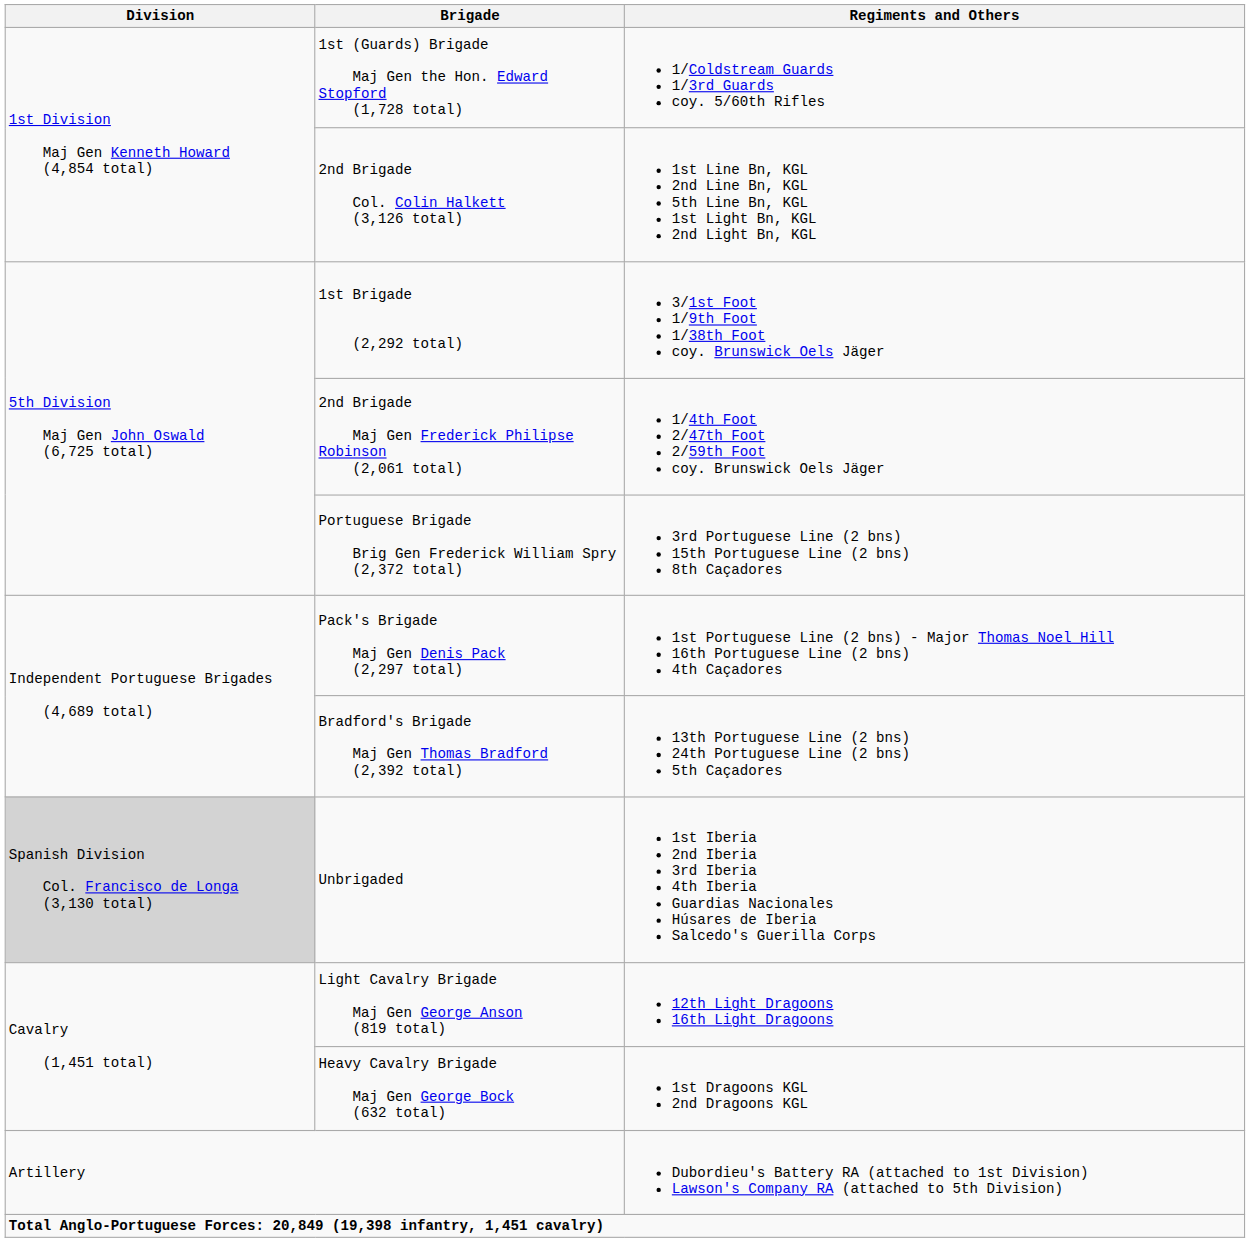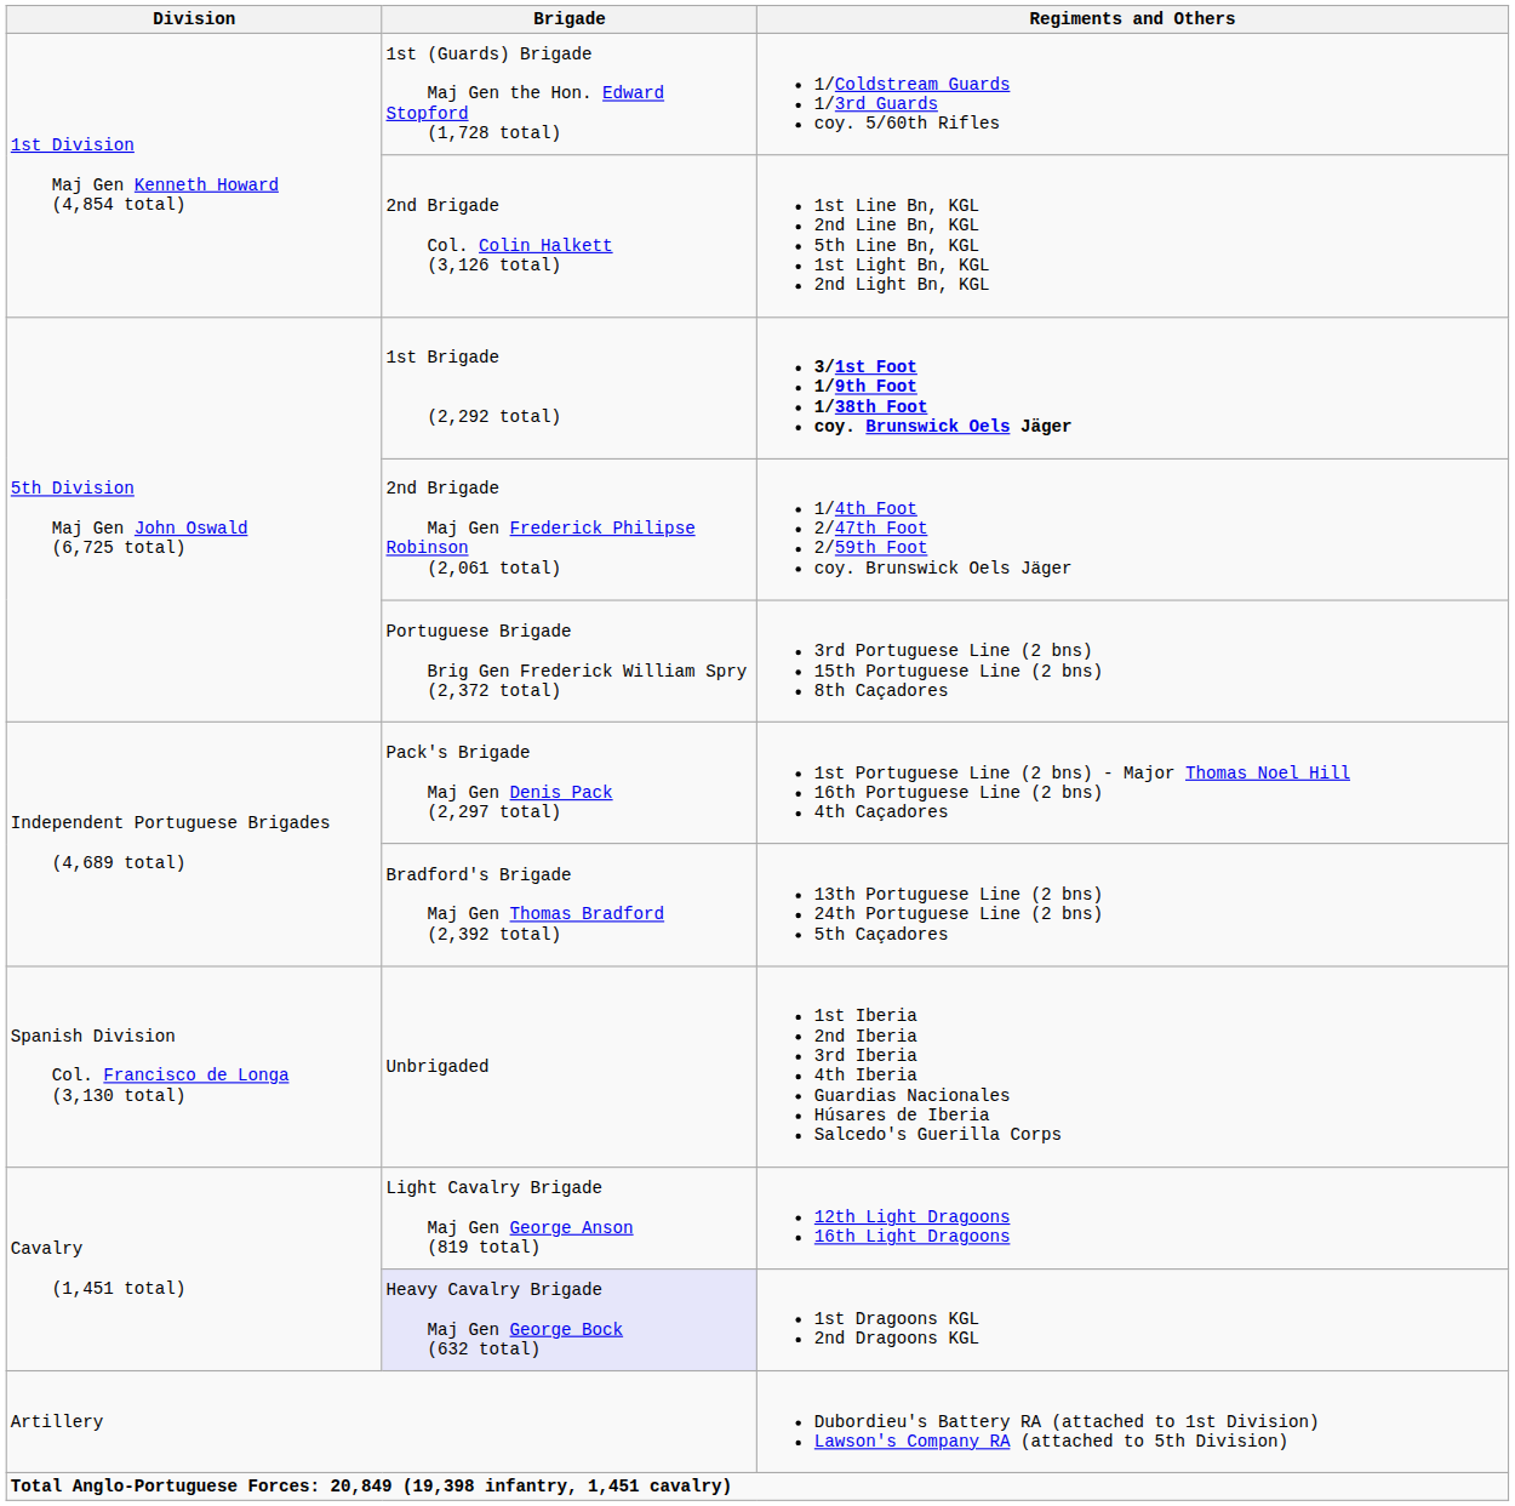 <table class="wikitable" width="90%" style="margin: 1em auto 1em auto">
 <tr>
 <th style="width:25%;">Division</th>
 <th style="width:25%;">Brigade</th>
 <th>Regiments and Others</th>
 </tr>
 <tr>
 <td rowspan=2><a href='#'>1st Division</a><br><br>    Maj Gen <a href='#'>Kenneth Howard</a> <br>    (4,854 total)</td>
 <td>1st (Guards) Brigade<br><br>    Maj Gen the Hon. <a href='#'>Edward Stopford</a> <br>    (1,728 total)</td>
 <td><br><ul><li>1/<a href='#'>Coldstream Guards</a></li><li>1/<a href='#'>3rd Guards</a></li><li>coy. 5/60th Rifles</li></ul></td>
 </tr>
 <tr>
 <td>2nd Brigade<br><br>    Col. <a href='#'>Colin Halkett</a> <br>    (3,126 total)</td>
 <td><br><ul><li>1st Line Bn, KGL</li><li>2nd Line Bn, KGL</li><li>5th Line Bn, KGL</li><li>1st Light Bn, KGL</li><li>2nd Light Bn, KGL</li></ul></td>
 </tr>
 <tr>
 <td rowspan=3><a href='#'>5th Division</a><br><br>    Maj Gen <a href='#'>John Oswald</a> <br>    (6,725 total)</td>
 <td>1st Brigade<br><br>     <br>    (2,292 total)</td>
-<td><br><ul><li>3/<a href='#'>1st Foot</a></li><li>1/<a href='#'>9th Foot</a></li><li>1/<a href='#'>38th Foot</a></li><li>coy. <a href='#'>Brunswick Oels</a> Jäger</li></ul></td>
+<td><strong><br><ul><li>3/<a href='#'>1st Foot</a></li><li>1/<a href='#'>9th Foot</a></li><li>1/<a href='#'>38th Foot</a></li><li>coy. <a href='#'>Brunswick Oels</a> Jäger</li></ul></strong></td>
 </tr>
 <tr>
 <td>2nd Brigade<br><br>    Maj Gen <a href='#'>Frederick Philipse Robinson</a> <br>    (2,061 total)</td>
 <td><br><ul><li>1/<a href='#'>4th Foot</a></li><li>2/<a href='#'>47th Foot</a></li><li>2/<a href='#'>59th Foot</a></li><li>coy. Brunswick Oels Jäger</li></ul></td>
 </tr>
 <tr>
 <td>Portuguese Brigade<br><br>    Brig Gen Frederick William Spry <br>    (2,372 total)</td>
 <td><br><ul><li>3rd Portuguese Line (2 bns)</li><li>15th Portuguese Line (2 bns)</li><li>8th Caçadores</li></ul></td>
 </tr>
 <tr>
 <td rowspan=2>Independent Portuguese Brigades<br><br>    (4,689 total)</td>
 <td>Pack's Brigade<br><br>    Maj Gen <a href='#'>Denis Pack</a> <br>    (2,297 total)</td>
 <td><br><ul><li>1st Portuguese Line (2 bns) - Major <a href='#'>Thomas Noel Hill</a></li><li>16th Portuguese Line (2 bns)</li><li>4th Caçadores</li></ul></td>
 </tr>
 <tr>
 <td>Bradford's Brigade<br><br>    Maj Gen <a href='#'>Thomas Bradford</a> <br>    (2,392 total)</td>
 <td><br><ul><li>13th Portuguese Line (2 bns)</li><li>24th Portuguese Line (2 bns)</li><li>5th Caçadores</li></ul></td>
 </tr>
 <tr>
-<td style="background: lightgrey;">Spanish Division <br><br>    Col. <a href='#'>Francisco de Longa</a> <br>    (3,130 total)</td>
+<td>Spanish Division <br><br>    Col. <a href='#'>Francisco de Longa</a> <br>    (3,130 total)</td>
 <td>Unbrigaded</td>
 <td><br><ul><li>1st Iberia</li><li>2nd Iberia</li><li>3rd Iberia</li><li>4th Iberia</li><li>Guardias Nacionales</li><li>Húsares de Iberia</li><li>Salcedo's Guerilla Corps</li></ul></td>
 </tr>
 <tr>
 <td rowspan=2>Cavalry<br><br>    (1,451 total)</td>
 <td>Light Cavalry Brigade<br><br>    Maj Gen <a href='#'>George Anson</a> <br>    (819 total)</td>
 <td><br><ul><li><a href='#'>12th Light Dragoons</a></li><li><a href='#'>16th Light Dragoons</a></li></ul></td>
 </tr>
 <tr>
-<td>Heavy Cavalry Brigade<br><br>    Maj Gen <a href='#'>George Bock</a> <br>    (632 total)</td>
+<td style="background: lavender;">Heavy Cavalry Brigade<br><br>    Maj Gen <a href='#'>George Bock</a> <br>    (632 total)</td>
 <td><br><ul><li>1st Dragoons KGL</li><li>2nd Dragoons KGL</li></ul></td>
 </tr>
 <tr>
 <td colspan=2>Artillery</td>
 <td><br><ul><li>Dubordieu's Battery RA (attached to 1st Division)</li><li><a href='#'>Lawson's Company RA</a> (attached to 5th Division)</li></ul></td>
 </tr>
 <tr>
 <td colspan=3><strong>Total Anglo-Portuguese Forces: 20,849 (19,398 infantry, 1,451 cavalry)</strong></td>
 </tr>
 </table>
